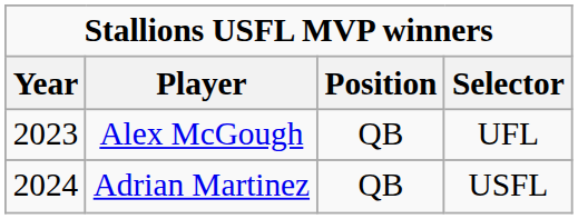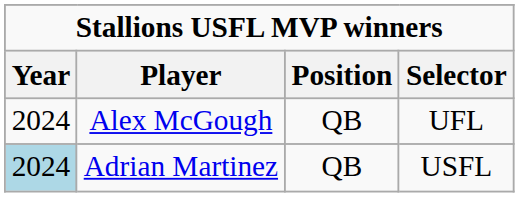 <table class="wikitable" style="text-align:center">
 <tr>
 <td colspan="4" align="center"><strong>Stallions USFL MVP winners</strong></td>
 </tr>
 <tr>
 <th>Year</th>
 <th>Player</th>
 <th>Position</th>
 <th>Selector</th>
 </tr>
 <tr>
-<td>2023</td>
+<td>2024</td>
 <td><a href='#'>Alex McGough</a></td>
 <td>QB</td>
 <td>UFL</td>
 </tr>
 <tr>
-<td>2024</td>
+<td style="background: lightblue;">2024</td>
 <td><a href='#'>Adrian Martinez</a></td>
 <td>QB</td>
 <td>USFL</td>
 </tr>
 </table>
